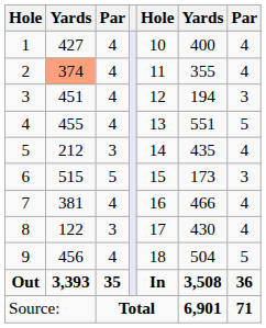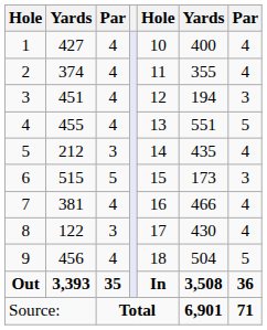 <table class="wikitable" style="text-align:center; font-size:100%">
 <tr>
 <th>Hole</th>
 <th>Yards</th>
 <th>Par</th>
 <th></th>
 <th>Hole</th>
 <th>Yards</th>
 <th>Par</th>
 </tr>
 <tr>
 <td>1</td>
 <td>427</td>
 <td>4</td>
 <td rowspan=10 style="background:#E6E8FA;"></td>
 <td>10</td>
 <td>400</td>
 <td>4</td>
 </tr>
 <tr>
 <td>2</td>
-<td style="background: lightsalmon;">374</td>
+<td>374</td>
 <td>4</td>
 <td>11</td>
 <td>355</td>
 <td>4</td>
 </tr>
 <tr>
 <td>3</td>
 <td>451</td>
 <td>4</td>
 <td>12</td>
 <td>194</td>
 <td>3</td>
 </tr>
 <tr>
 <td>4</td>
 <td>455</td>
 <td>4</td>
 <td>13</td>
 <td>551</td>
 <td>5</td>
 </tr>
 <tr>
 <td>5</td>
 <td>212</td>
 <td>3</td>
 <td>14</td>
 <td>435</td>
 <td>4</td>
 </tr>
 <tr>
 <td>6</td>
 <td>515</td>
 <td>5</td>
 <td>15</td>
 <td>173</td>
 <td>3</td>
 </tr>
 <tr>
 <td>7</td>
 <td>381</td>
 <td>4</td>
 <td>16</td>
 <td>466</td>
 <td>4</td>
 </tr>
 <tr>
 <td>8</td>
 <td>122</td>
 <td>3</td>
 <td>17</td>
 <td>430</td>
 <td>4</td>
 </tr>
 <tr>
 <td>9</td>
 <td>456</td>
 <td>4</td>
 <td>18</td>
 <td>504</td>
 <td>5</td>
 </tr>
 <tr>
 <td><strong>Out</strong></td>
 <td><strong>3,393</strong></td>
 <td><strong>35</strong></td>
 <td><strong>In</strong></td>
 <td><strong>3,508</strong></td>
 <td><strong>36</strong></td>
 </tr>
 <tr>
 <td colspan=2 align=left>Source:</td>
 <td colspan=3><strong>Total</strong></td>
 <td><strong>6,901</strong></td>
 <td><strong>71</strong></td>
 </tr>
 </table>
